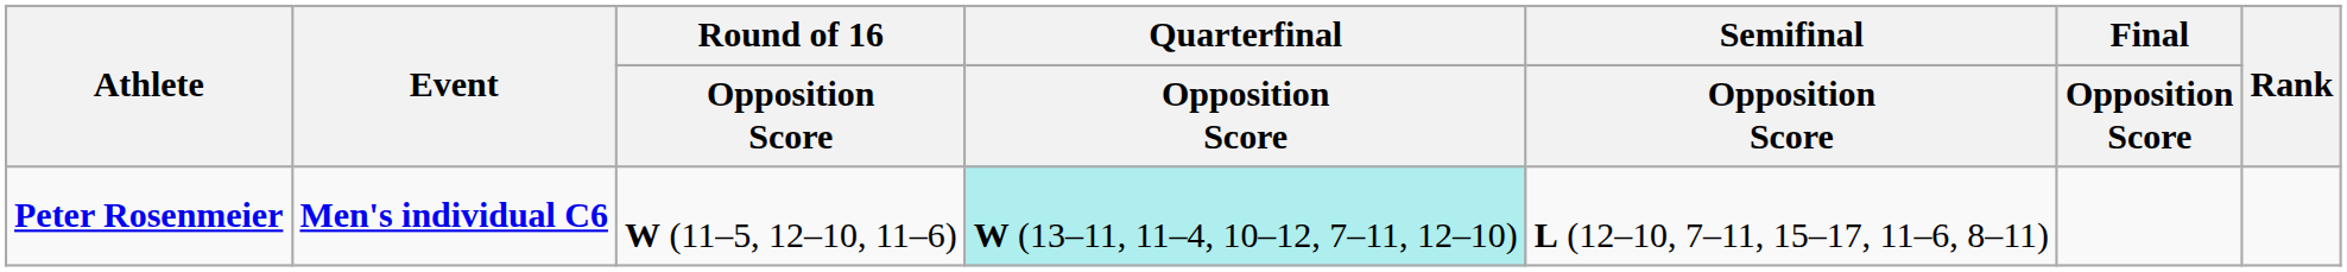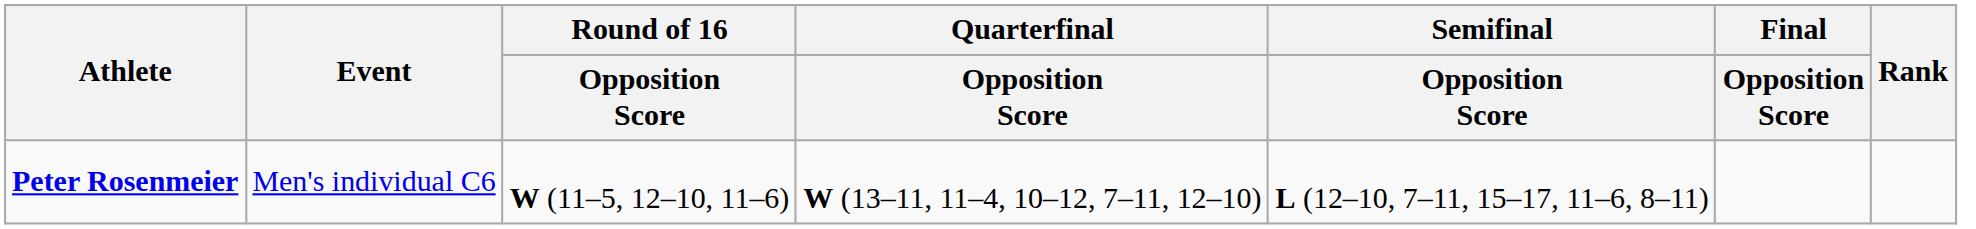 <table class=wikitable style="font-size:90%">
 <tr align=center>
 <th rowspan="2">Athlete</th>
 <th rowspan="2">Event</th>
 <th>Round of 16</th>
 <th>Quarterfinal</th>
 <th>Semifinal</th>
 <th>Final</th>
 <th rowspan="2">Rank</th>
 </tr>
 <tr>
 <th>Opposition<br>Score</th>
 <th>Opposition<br>Score</th>
 <th>Opposition<br>Score</th>
 <th>Opposition<br>Score</th>
 </tr>
 <tr align=center>
 <td align=left><strong><a href='#'>Peter Rosenmeier</a></strong></td>
-<td align=left><strong><a href='#'>Men's individual C6</a></strong></td>
+<td align=left><a href='#'>Men's individual C6</a></td>
 <td><br> <strong>W</strong> (11–5, 12–10, 11–6)</td>
-<td style="background: paleturquoise;"><br> <strong>W</strong> (13–11, 11–4, 10–12, 7–11, 12–10)</td>
+<td><br> <strong>W</strong> (13–11, 11–4, 10–12, 7–11, 12–10)</td>
 <td><br> <strong>L</strong> (12–10, 7–11, 15–17, 11–6, 8–11)</td>
 <td></td>
 <td></td>
 </tr>
 </table>
